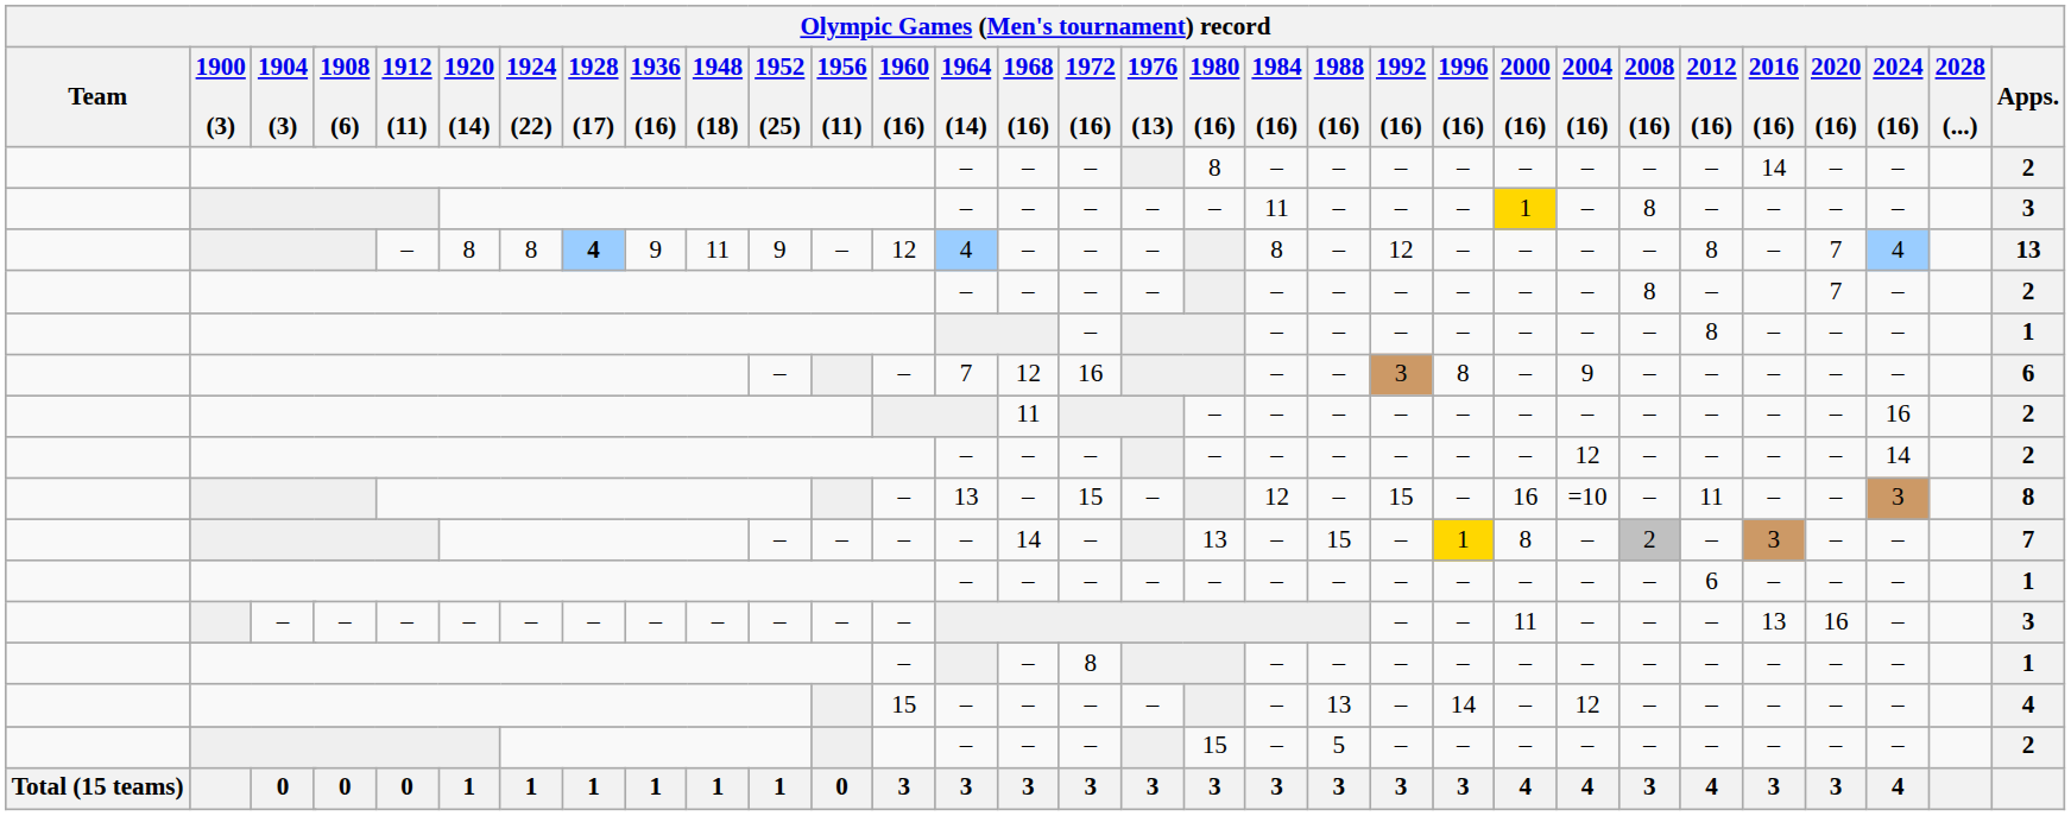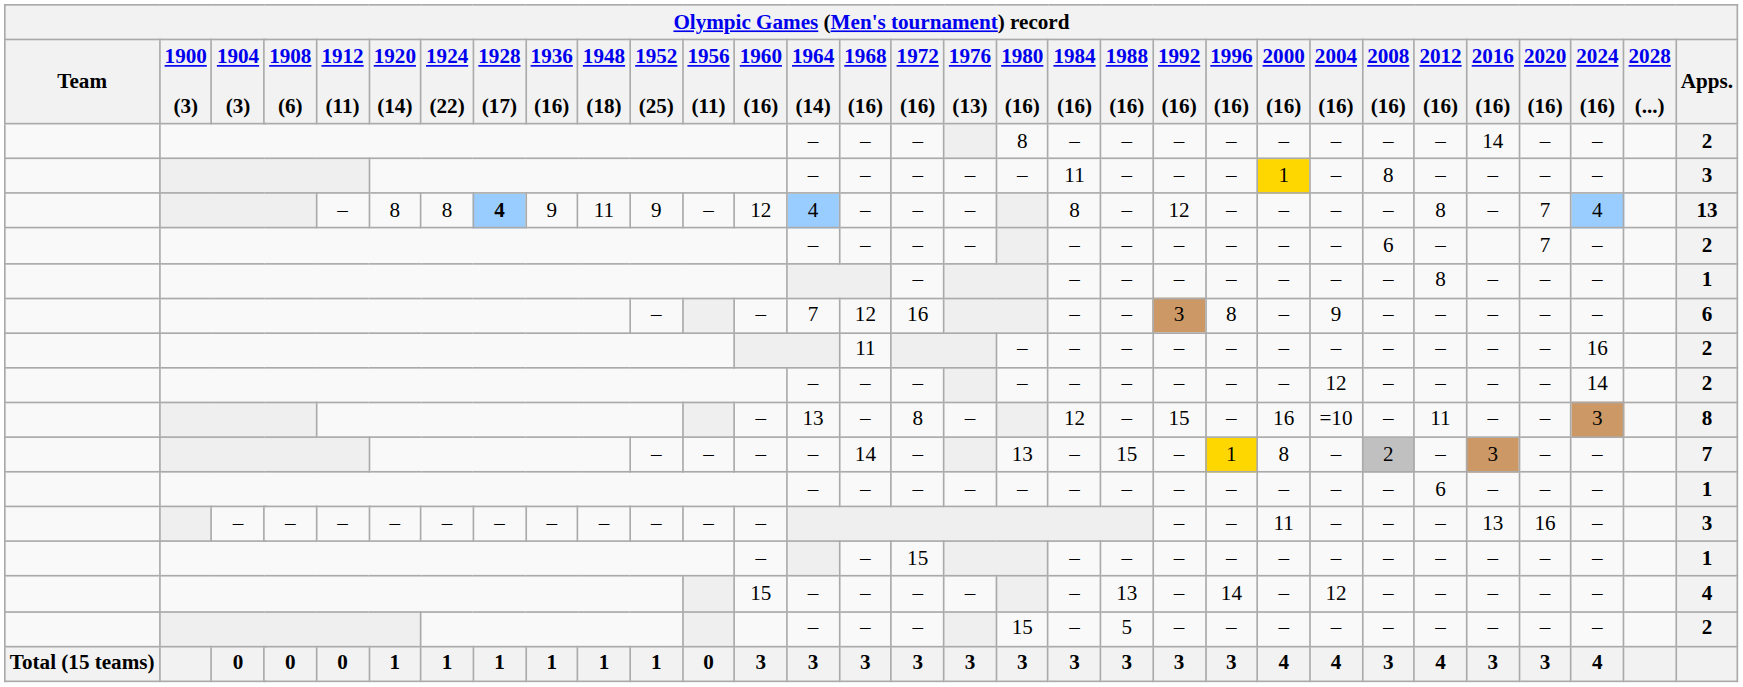 <table class="wikitable" style="text-align:center; font-size:80%">
 <tr>
 <th colspan=32><a href='#'>Olympic Games</a> (<a href='#'>Men's tournament</a>) record</th>
 </tr>
 <tr>
 <th>Team</th>
 <th><a href='#'>1900</a><br><br>(3)</th>
 <th colspan="2"><a href='#'>1904</a><br><br>(3)</th>
 <th><a href='#'>1908</a><br><br>(6)</th>
 <th><a href='#'>1912</a><br><br>(11)</th>
 <th><a href='#'>1920</a><br><br>(14)</th>
 <th><a href='#'>1924</a><br><br>(22)</th>
 <th><a href='#'>1928</a><br><br>(17)</th>
 <th><a href='#'>1936</a><br><br>(16)</th>
 <th><a href='#'>1948</a><br><br>(18)</th>
 <th><a href='#'>1952</a><br><br>(25)</th>
 <th><a href='#'>1956</a><br><br>(11)</th>
 <th><a href='#'>1960</a><br><br>(16)</th>
 <th><a href='#'>1964</a><br><br>(14)</th>
 <th><a href='#'>1968</a><br><br>(16)</th>
 <th><a href='#'>1972</a><br><br>(16)</th>
 <th><a href='#'>1976</a><br><br>(13)</th>
 <th><a href='#'>1980</a><br><br>(16)</th>
 <th><a href='#'>1984</a><br><br>(16)</th>
 <th><a href='#'>1988</a><br><br>(16)</th>
 <th><a href='#'>1992</a><br><br>(16)</th>
 <th><a href='#'>1996</a><br><br>(16)</th>
 <th><a href='#'>2000</a><br><br>(16)</th>
 <th><a href='#'>2004</a><br><br>(16)</th>
 <th><a href='#'>2008</a><br><br>(16)</th>
 <th><a href='#'>2012</a><br><br>(16)</th>
 <th><a href='#'>2016</a><br><br>(16)</th>
 <th><a href='#'>2020</a><br><br>(16)</th>
 <th><a href='#'>2024</a><br><br>(16)</th>
 <th><a href='#'>2028</a><br><br>(...)</th>
 <th>Apps.</th>
 </tr>
 <tr>
 <td align=left></td>
 <td colspan=13><em></em></td>
 <td>–</td>
 <td>–</td>
 <td>–</td>
 <td style="background:#efefef;"></td>
 <td>8</td>
 <td>–</td>
 <td>–</td>
 <td>–</td>
 <td>–</td>
 <td>–</td>
 <td>–</td>
 <td>–</td>
 <td>–</td>
 <td>14</td>
 <td>–</td>
 <td>–</td>
 <td></td>
 <th>2</th>
 </tr>
 <tr>
 <td align=left></td>
 <td colspan="5" style="background:#efefef;"></td>
 <td colspan=8><em></em></td>
 <td>–</td>
 <td>–</td>
 <td>–</td>
 <td>–</td>
 <td>–</td>
 <td>11</td>
 <td>–</td>
 <td>–</td>
 <td>–</td>
 <td bgcolor=gold>1</td>
 <td>–</td>
 <td>8</td>
 <td>–</td>
 <td>–</td>
 <td>–</td>
 <td>–</td>
 <td></td>
 <th>3</th>
 </tr>
 <tr>
 <td align=left></td>
 <td colspan="4" style="background:#efefef;"></td>
 <td>–</td>
 <td>8</td>
 <td>8</td>
 <td bgcolor=#9acdff><strong>4</strong></td>
 <td>9</td>
 <td>11</td>
 <td>9</td>
 <td>–</td>
 <td>12</td>
 <td bgcolor=#9acdff>4</td>
 <td>–</td>
 <td>–</td>
 <td>–</td>
 <td style="background:#efefef;"></td>
 <td>8</td>
 <td>–</td>
 <td>12</td>
 <td>–</td>
 <td>–</td>
 <td>–</td>
 <td>–</td>
 <td>8</td>
 <td>–</td>
 <td>7</td>
 <td bgcolor=#9acdff>4</td>
 <td></td>
 <th>13</th>
 </tr>
 <tr>
 <td align=left></td>
 <td colspan=13><em></em></td>
 <td>–</td>
 <td>–</td>
 <td>–</td>
 <td>–</td>
 <td style="background:#efefef;"></td>
 <td>–</td>
 <td>–</td>
 <td>–</td>
 <td>–</td>
 <td>–</td>
 <td>–</td>
-<td>8</td>
+<td>6</td>
 <td>–</td>
 <td></td>
 <td>7</td>
 <td>–</td>
 <td></td>
 <th>2</th>
 </tr>
 <tr>
 <td align=left></td>
 <td colspan=13><em></em></td>
 <td colspan="2" style="background:#efefef;"></td>
 <td>–</td>
 <td colspan="2" style="background:#efefef;"></td>
 <td>–</td>
 <td>–</td>
 <td>–</td>
 <td>–</td>
 <td>–</td>
 <td>–</td>
 <td>–</td>
 <td>8</td>
 <td>–</td>
 <td>–</td>
 <td>–</td>
 <td></td>
 <th>1</th>
 </tr>
 <tr>
 <td align=left></td>
 <td colspan=10><em></em></td>
 <td>–</td>
 <td style="background:#efefef;"></td>
 <td>–</td>
 <td>7</td>
 <td>12</td>
 <td>16</td>
 <td colspan="2" style="background:#efefef;"></td>
 <td>–</td>
 <td>–</td>
 <td style="background:#c96;">3</td>
 <td>8</td>
 <td>–</td>
 <td>9</td>
 <td>–</td>
 <td>–</td>
 <td>–</td>
 <td>–</td>
 <td>–</td>
 <td></td>
 <th>6</th>
 </tr>
 <tr>
 <td align=left></td>
 <td colspan=12><em></em></td>
 <td colspan="2" style="background:#efefef;"></td>
 <td>11</td>
 <td colspan="2" style="background:#efefef;"></td>
 <td>–</td>
 <td>–</td>
 <td>–</td>
 <td>–</td>
 <td>–</td>
 <td>–</td>
 <td>–</td>
 <td>–</td>
 <td>–</td>
 <td>–</td>
 <td>–</td>
 <td>16</td>
 <td></td>
 <th>2</th>
 </tr>
 <tr>
 <td align=left></td>
 <td colspan=13><em></em></td>
 <td>–</td>
 <td>–</td>
 <td>–</td>
 <td style="background:#efefef;"></td>
 <td>–</td>
 <td>–</td>
 <td>–</td>
 <td>–</td>
 <td>–</td>
 <td>–</td>
 <td>12</td>
 <td>–</td>
 <td>–</td>
 <td>–</td>
 <td>–</td>
 <td>14</td>
 <td></td>
 <th>2</th>
 </tr>
 <tr>
 <td align=left></td>
 <td colspan="4" style="background:#efefef;"></td>
 <td colspan=7><em></em></td>
 <td style="background:#efefef;"></td>
 <td>–</td>
 <td>13</td>
 <td>–</td>
-<td>15</td>
+<td>8</td>
 <td>–</td>
 <td – style="background:#efefef;"></td>
 <td>12</td>
 <td>–</td>
 <td>15</td>
 <td>–</td>
 <td>16</td>
 <td>=10</td>
 <td>–</td>
 <td>11</td>
 <td>–</td>
 <td>–</td>
 <td style="background:#c96;">3</td>
 <td></td>
 <th>8</th>
 </tr>
 <tr>
 <td align=left></td>
 <td colspan="5" style="background:#efefef;"></td>
 <td colspan=5><em></em></td>
 <td>–</td>
 <td>–</td>
 <td>–</td>
 <td>–</td>
 <td>14</td>
 <td>–</td>
 <td style="background:#efefef;"></td>
 <td>13</td>
 <td>–</td>
 <td>15</td>
 <td>–</td>
 <td bgcolor=gold>1</td>
 <td>8</td>
 <td>–</td>
 <td style="background:silver;">2</td>
 <td>–</td>
 <td style="background:#c96;">3</td>
 <td>–</td>
 <td>–</td>
 <td></td>
 <th>7</th>
 </tr>
 <tr>
 <td align=left></td>
 <td colspan=13><em></em></td>
 <td>–</td>
 <td>–</td>
 <td>–</td>
 <td>–</td>
 <td>–</td>
 <td>–</td>
 <td>–</td>
 <td>–</td>
 <td>–</td>
 <td>–</td>
 <td>–</td>
 <td>–</td>
 <td>6</td>
 <td>–</td>
 <td>–</td>
 <td>–</td>
 <td></td>
 <th>1</th>
 </tr>
 <tr>
 <td align=left></td>
 <td style="background:#efefef;"></td>
 <td colspan="2">–</td>
 <td>–</td>
 <td>–</td>
 <td –>–</td>
 <td>–</td>
 <td>–</td>
 <td>–</td>
 <td>–</td>
 <td>–</td>
 <td>–</td>
 <td>–</td>
 <td colspan="7" style="background:#efefef;"><em></em></td>
 <td –>–</td>
 <td>–</td>
 <td –>11</td>
 <td>–</td>
 <td>–</td>
 <td>–</td>
 <td>13</td>
 <td>16</td>
 <td>–</td>
 <td></td>
 <th>3</th>
 </tr>
 <tr>
 <td align=left></td>
 <td colspan=12><em></em></td>
 <td>–</td>
 <td style="background:#efefef;"></td>
 <td>–</td>
-<td>8</td>
+<td>15</td>
 <td colspan="2" style="background:#efefef;"></td>
 <td>–</td>
 <td>–</td>
 <td>–</td>
 <td>–</td>
 <td>–</td>
 <td>–</td>
 <td>–</td>
 <td>–</td>
 <td>–</td>
 <td>–</td>
 <td>–</td>
 <td></td>
 <th>1</th>
 </tr>
 <tr>
 <td align=left></td>
 <td colspan=11><em></em></td>
 <td style="background:#efefef;"></td>
 <td>15</td>
 <td>–</td>
 <td>–</td>
 <td>–</td>
 <td>–</td>
 <td style="background:#efefef;"></td>
 <td>–</td>
 <td>13</td>
 <td>–</td>
 <td>14</td>
 <td>–</td>
 <td>12</td>
 <td>–</td>
 <td>–</td>
 <td>–</td>
 <td>–</td>
 <td>–</td>
 <td></td>
 <th>4</th>
 </tr>
 <tr>
 <td align=left></td>
 <td colspan="6" style="background:#efefef;"></td>
 <td colspan=5><em></em></td>
 <td style="background:#efefef;"></td>
 <td><em></em></td>
 <td>–</td>
 <td>–</td>
 <td>–</td>
 <td style="background:#efefef;"></td>
 <td>15</td>
 <td>–</td>
 <td>5</td>
 <td>–</td>
 <td>–</td>
 <td>–</td>
 <td>–</td>
 <td>–</td>
 <td>–</td>
 <td>–</td>
 <td>–</td>
 <td>–</td>
 <td></td>
 <th>2</th>
 </tr>
 <tr>
 <th align=left>Total (15 teams)</th>
 <th></th>
 <th colspan=2>0</th>
 <th>0</th>
 <th>0</th>
 <th>1</th>
 <th>1</th>
 <th>1</th>
 <th>1</th>
 <th>1</th>
 <th>1</th>
 <th>0</th>
 <th>3</th>
 <th>3</th>
 <th>3</th>
 <th>3</th>
 <th>3</th>
 <th>3</th>
 <th>3</th>
 <th>3</th>
 <th>3</th>
 <th>3</th>
 <th>4</th>
 <th>4</th>
 <th>3</th>
 <th>4</th>
 <th>3</th>
 <th>3</th>
 <th>4</th>
 <th></th>
 <th></th>
 </tr>
 </table>
